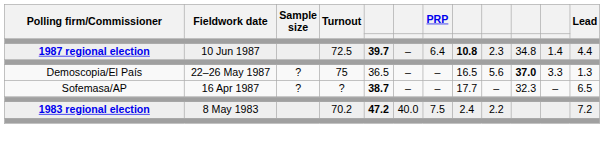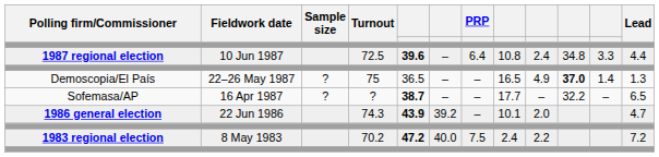 <table class="wikitable collapsible collapsed" style="text-align:center; font-size:95%; line-height:16px;">
 <tr style="height:42px;">
 <th style="width:250px;" rowspan="2">Polling firm/Commissioner</th>
 <th style="width:125px;" rowspan="2">Fieldwork date</th>
 <th style="width:50px;" rowspan="2">Sample size</th>
 <th style="width:45px;" rowspan="2">Turnout</th>
 <th style="width:35px;"></th>
 <th style="width:35px;"></th>
 <th style="width:35px;"><a href='#'>PRP</a></th>
 <th style="width:35px;"></th>
 <th style="width:35px;"></th>
 <th style="width:35px;"></th>
 <th style="width:35px;"></th>
 <th style="width:30px;" rowspan="2">Lead</th>
 </tr>
 <tr>
 <th style="color:inherit;background:"></th>
 <th style="color:inherit;background:"></th>
 <th style="color:inherit;background:"></th>
 <th style="color:inherit;background:"></th>
 <th style="color:inherit;background:"></th>
 <th style="color:inherit;background:"></th>
 <th style="color:inherit;background:"></th>
 </tr>
 <tr>
 <td colspan="12" style="background:#A0A0A0"></td>
 </tr>
 <tr style="background:#EFEFEF;">
 <td><strong><a href='#'>1987 regional election</a></strong></td>
 <td>10 Jun 1987</td>
 <td></td>
 <td>72.5</td>
-<td><strong>39.7</strong><br></td>
+<td><strong>39.6</strong><br></td>
 <td>–</td>
 <td>6.4<br></td>
-<td><strong>10.8<br></strong></td>
-<td>2.3<br></td>
+<td>10.8<br></td>
+<td>2.4<br></td>
 <td>34.8<br></td>
-<td>1.4<br></td>
+<td>3.3<br></td>
 <td style="background:">4.4</td>
 </tr>
 <tr>
 <td colspan="12" style="background:#A0A0A0"></td>
 </tr>
 <tr>
 <td>Demoscopia/El País</td>
 <td>22–26 May 1987</td>
 <td>?</td>
 <td>75</td>
 <td>36.5<br></td>
 <td>–</td>
 <td>–</td>
 <td>16.5<br></td>
-<td>5.6<br></td>
+<td>4.9<br></td>
 <td><strong>37.0</strong><br></td>
-<td>3.3<br></td>
+<td>1.4<br></td>
 <td style="background:">1.3</td>
 </tr>
 <tr>
 <td>Sofemasa/AP</td>
 <td>16 Apr 1987</td>
 <td>?</td>
 <td>?</td>
 <td><strong>38.7</strong></td>
 <td>–</td>
 <td>–</td>
 <td>17.7</td>
 <td>–</td>
-<td>32.3</td>
+<td>32.2</td>
 <td>–</td>
 <td style="background:">6.5</td>
+</tr>
+<tr style="background:#EFEFEF;">
+<td><strong><a href='#'>1986 general election</a></strong></td>
+<td>22 Jun 1986</td>
+<td></td>
+<td>74.3</td>
+<td><strong>43.9</strong><br></td>
+<td>39.2<br></td>
+<td>–</td>
+<td>10.1<br></td>
+<td>2.0<br></td>
+<td></td>
+<td></td>
+<td style="background:">4.7</td>
 </tr>
 <tr>
 <td colspan="12" style="background:#A0A0A0"></td>
 </tr>
 <tr style="background:#EFEFEF;">
 <td><strong><a href='#'>1983 regional election</a></strong></td>
 <td>8 May 1983</td>
 <td></td>
 <td>70.2</td>
 <td><strong>47.2</strong><br></td>
 <td>40.0<br></td>
 <td>7.5<br></td>
 <td>2.4<br></td>
 <td>2.2<br></td>
 <td></td>
 <td></td>
 <td style="background:">7.2</td>
 </tr>
 <tr>
 <td colspan="12" style="background:#A0A0A0"></td>
 </tr>
 </table>
